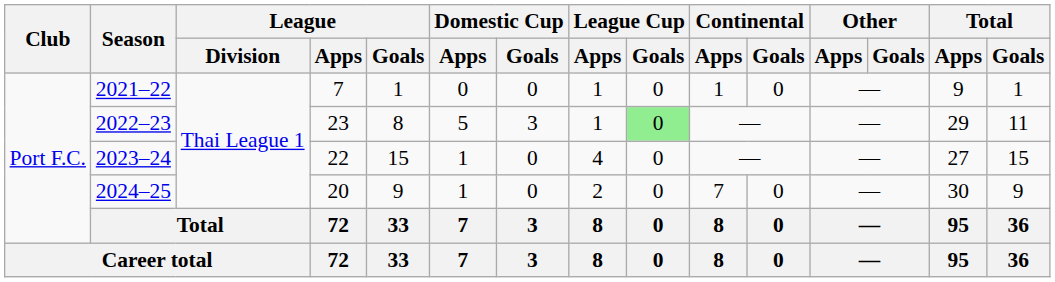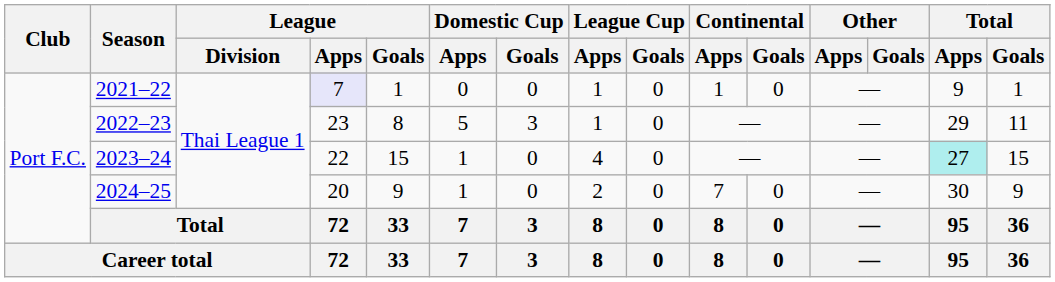 <table class="wikitable" style="text-align:center">
 <tr>
 <th rowspan="2">Club</th>
 <th rowspan="2">Season</th>
 <th colspan="3">League</th>
 <th colspan="2">Domestic Cup</th>
 <th colspan="2">League Cup</th>
 <th colspan="2">Continental</th>
 <th colspan="2">Other</th>
 <th colspan="2">Total</th>
 </tr>
 <tr>
 <th>Division</th>
 <th>Apps</th>
 <th>Goals</th>
 <th>Apps</th>
 <th>Goals</th>
 <th>Apps</th>
 <th>Goals</th>
 <th>Apps</th>
 <th>Goals</th>
 <th>Apps</th>
 <th>Goals</th>
 <th>Apps</th>
 <th>Goals</th>
 </tr>
 <tr>
 <td rowspan="5"><a href='#'>Port F.C.</a></td>
 <td><a href='#'>2021–22</a></td>
 <td rowspan="4"><a href='#'>Thai League 1</a></td>
-<td>7</td>
+<td style="background: lavender;">7</td>
 <td>1</td>
 <td>0</td>
 <td>0</td>
 <td>1</td>
 <td>0</td>
 <td>1</td>
 <td>0</td>
 <td colspan="2">—</td>
 <td>9</td>
 <td>1</td>
 </tr>
 <tr>
 <td><a href='#'>2022–23</a></td>
 <td>23</td>
 <td>8</td>
 <td>5</td>
 <td>3</td>
 <td>1</td>
-<td style="background: lightgreen;">0</td>
+<td>0</td>
 <td colspan="2">—</td>
 <td colspan="2">—</td>
 <td>29</td>
 <td>11</td>
 </tr>
 <tr>
 <td><a href='#'>2023–24</a></td>
 <td>22</td>
 <td>15</td>
 <td>1</td>
 <td>0</td>
 <td>4</td>
 <td>0</td>
 <td colspan="2">—</td>
 <td colspan="2">—</td>
-<td>27</td>
+<td style="background: paleturquoise;">27</td>
 <td>15</td>
 </tr>
 <tr>
 <td><a href='#'>2024–25</a></td>
 <td>20</td>
 <td>9</td>
 <td>1</td>
 <td>0</td>
 <td>2</td>
 <td>0</td>
 <td>7</td>
 <td>0</td>
 <td colspan="2">—</td>
 <td>30</td>
 <td>9</td>
 </tr>
 <tr>
 <th colspan="2">Total</th>
 <th>72</th>
 <th>33</th>
 <th>7</th>
 <th>3</th>
 <th>8</th>
 <th>0</th>
 <th>8</th>
 <th>0</th>
 <th colspan="2">—</th>
 <th>95</th>
 <th>36</th>
 </tr>
 <tr>
 <th colspan="3">Career total</th>
 <th>72</th>
 <th>33</th>
 <th>7</th>
 <th>3</th>
 <th>8</th>
 <th>0</th>
 <th>8</th>
 <th>0</th>
 <th colspan="2">—</th>
 <th>95</th>
 <th>36</th>
 </tr>
 </table>
